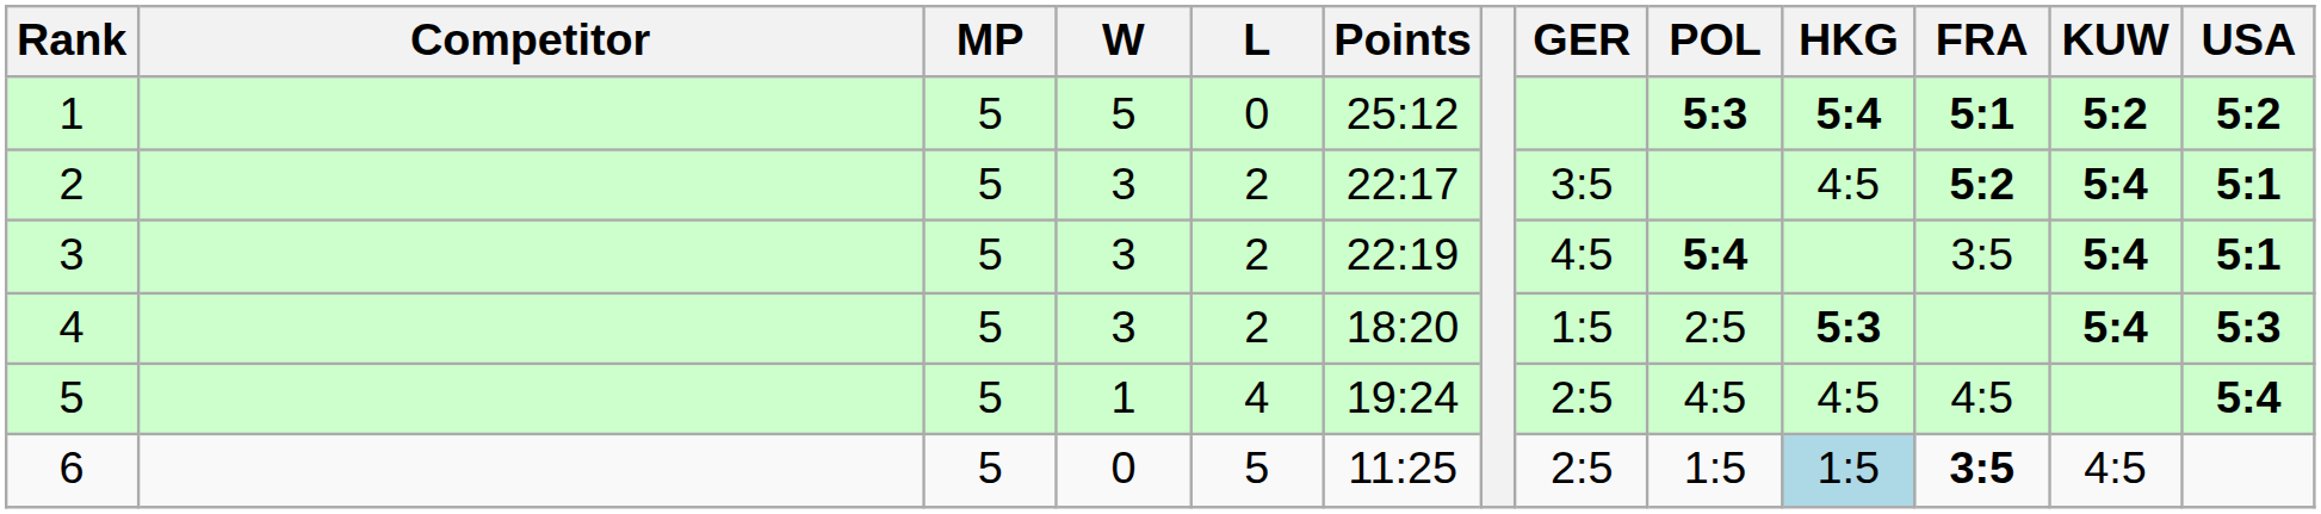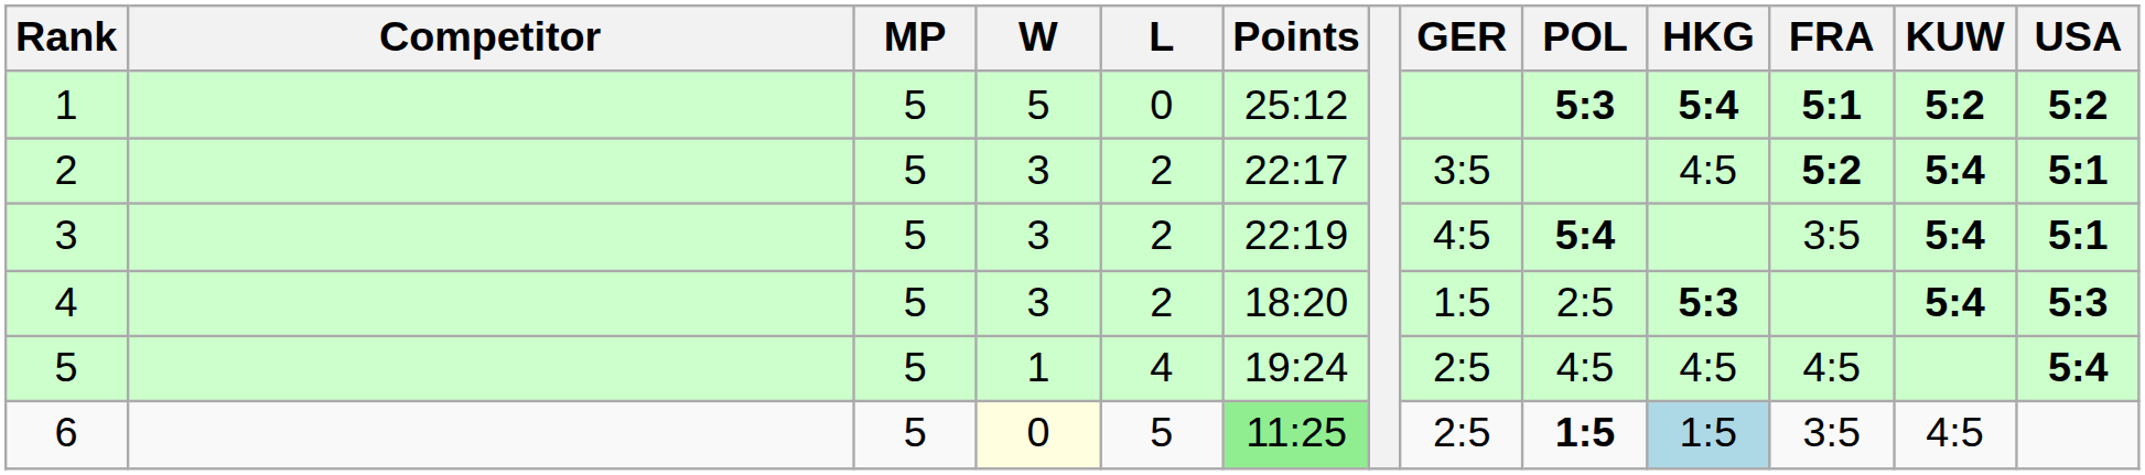 <table class="wikitable" style="text-align:center">
 <tr>
 <th>Rank</th>
 <th style="width:17em">Competitor</th>
 <th style="width:2.5em">MP</th>
 <th style="width:2.5em">W</th>
 <th style="width:2.5em">L</th>
 <th>Points</th>
 <th rowspan="7"> </th>
 <th style="width:2.5em">GER</th>
 <th style="width:2.5em">POL</th>
 <th style="width:2.5em">HKG</th>
 <th style="width:2.5em">FRA</th>
 <th style="width:2.5em">KUW</th>
 <th style="width:2.5em">USA</th>
 </tr>
 <tr style="background:#cfc;">
 <td>1</td>
 <td style="text-align:left"></td>
 <td>5</td>
 <td>5</td>
 <td>0</td>
 <td>25:12</td>
 <td></td>
 <td><strong>5:3</strong></td>
 <td><strong>5:4</strong></td>
 <td><strong>5:1</strong></td>
 <td><strong>5:2</strong></td>
 <td><strong>5:2</strong></td>
 </tr>
 <tr style="background:#cfc;">
 <td>2</td>
 <td style="text-align:left"></td>
 <td>5</td>
 <td>3</td>
 <td>2</td>
 <td>22:17</td>
 <td>3:5</td>
 <td></td>
 <td>4:5</td>
 <td><strong>5:2</strong></td>
 <td><strong>5:4</strong></td>
 <td><strong>5:1</strong></td>
 </tr>
 <tr style="background:#cfc;">
 <td>3</td>
 <td style="text-align:left"></td>
 <td>5</td>
 <td>3</td>
 <td>2</td>
 <td>22:19</td>
 <td>4:5</td>
 <td><strong>5:4</strong></td>
 <td></td>
 <td>3:5</td>
 <td><strong>5:4</strong></td>
 <td><strong>5:1</strong></td>
 </tr>
 <tr style="background:#cfc;">
 <td>4</td>
 <td style="text-align:left"></td>
 <td>5</td>
 <td>3</td>
 <td>2</td>
 <td>18:20</td>
 <td>1:5</td>
 <td>2:5</td>
 <td><strong>5:3</strong></td>
 <td></td>
 <td><strong>5:4</strong></td>
 <td><strong>5:3</strong></td>
 </tr>
 <tr style="background:#cfc;">
 <td>5</td>
 <td style="text-align:left"></td>
 <td>5</td>
 <td>1</td>
 <td>4</td>
 <td>19:24</td>
 <td>2:5</td>
 <td>4:5</td>
 <td>4:5</td>
 <td>4:5</td>
 <td></td>
 <td><strong>5:4</strong></td>
 </tr>
 <tr>
 <td>6</td>
 <td style="text-align:left"></td>
 <td>5</td>
-<td>0</td>
+<td style="background: lightyellow;">0</td>
 <td>5</td>
-<td>11:25</td>
+<td style="background: lightgreen;">11:25</td>
 <td>2:5</td>
-<td>1:5</td>
+<td><strong>1:5</strong></td>
 <td style="background: lightblue;">1:5</td>
-<td><strong>3:5</strong></td>
+<td>3:5</td>
 <td>4:5</td>
 <td></td>
 </tr>
 </table>
